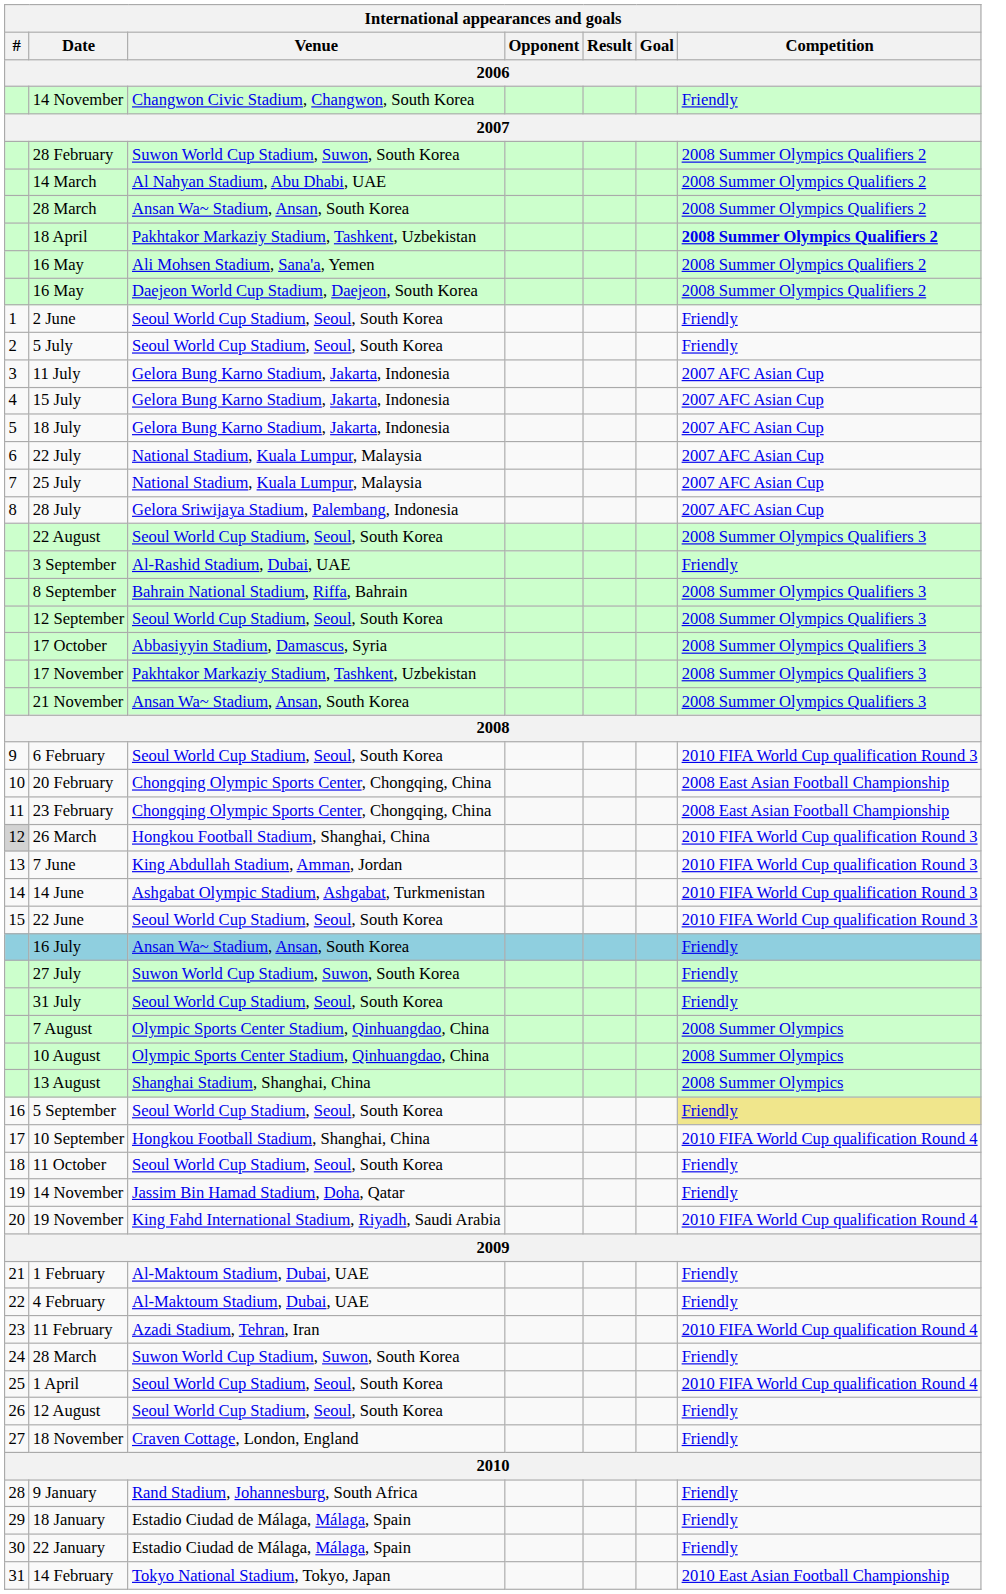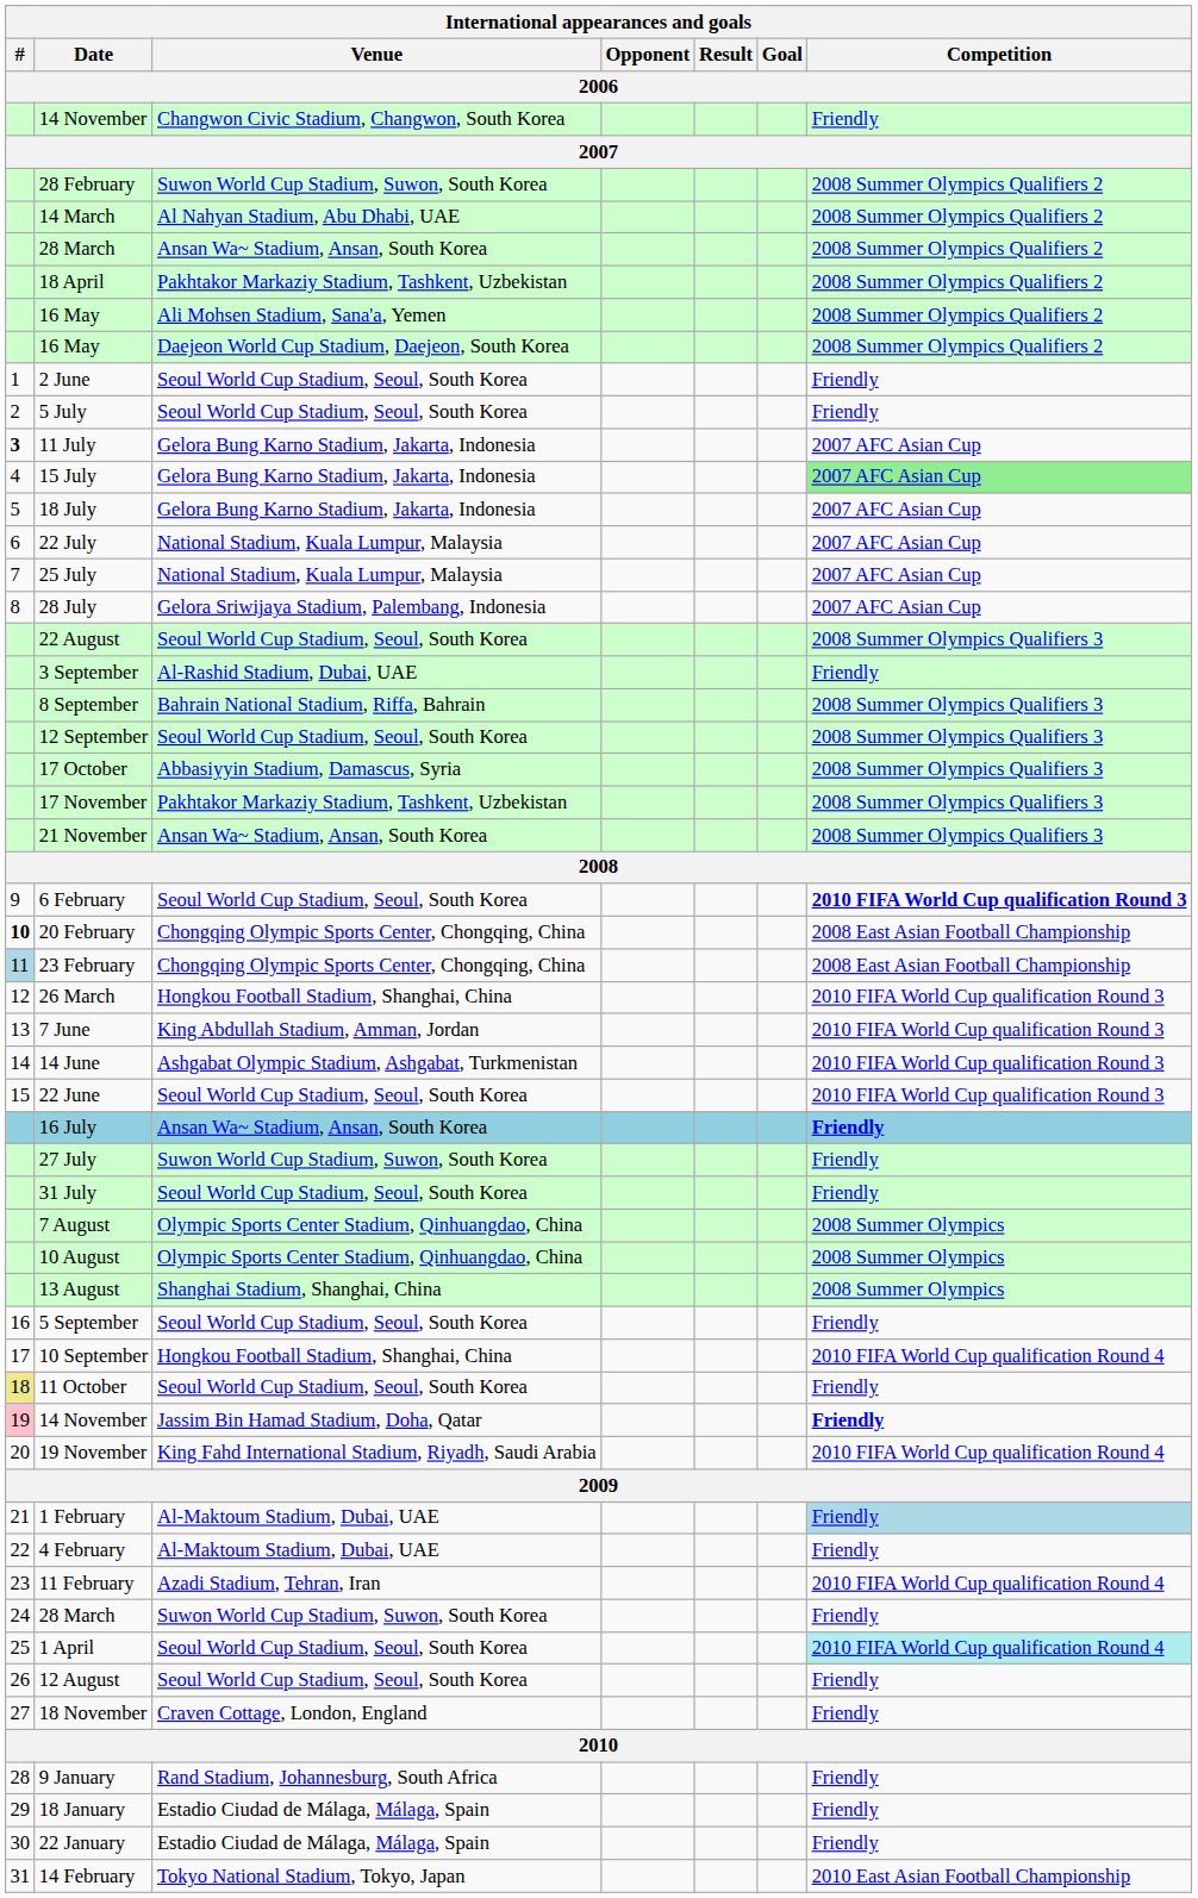 <table class="wikitable collapsible collapsed" style="font-size:90%">
 <tr>
 <th colspan="7">International appearances and goals</th>
 </tr>
 <tr>
 <th>#</th>
 <th>Date</th>
 <th>Venue</th>
 <th>Opponent</th>
 <th>Result</th>
 <th>Goal</th>
 <th>Competition</th>
 </tr>
 <tr>
 <th colspan="7">2006</th>
 </tr>
 <tr style="background:#ccffcc;">
 <td></td>
 <td>14 November</td>
 <td><a href='#'>Changwon Civic Stadium</a>, <a href='#'>Changwon</a>, South Korea</td>
 <td></td>
 <td></td>
 <td></td>
 <td><a href='#'>Friendly</a></td>
 </tr>
 <tr>
 <th colspan="7">2007</th>
 </tr>
 <tr style="background:#ccffcc;">
 <td></td>
 <td>28 February</td>
 <td><a href='#'>Suwon World Cup Stadium</a>, <a href='#'>Suwon</a>, South Korea</td>
 <td></td>
 <td></td>
 <td></td>
 <td><a href='#'>2008 Summer Olympics Qualifiers 2</a></td>
 </tr>
 <tr style="background:#ccffcc;">
 <td></td>
 <td>14 March</td>
 <td><a href='#'>Al Nahyan Stadium</a>, <a href='#'>Abu Dhabi</a>, UAE</td>
 <td></td>
 <td></td>
 <td></td>
 <td><a href='#'>2008 Summer Olympics Qualifiers 2</a></td>
 </tr>
 <tr style="background:#ccffcc;">
 <td></td>
 <td>28 March</td>
 <td><a href='#'>Ansan Wa~ Stadium</a>, <a href='#'>Ansan</a>, South Korea</td>
 <td></td>
 <td></td>
 <td></td>
 <td><a href='#'>2008 Summer Olympics Qualifiers 2</a></td>
 </tr>
 <tr style="background:#ccffcc;">
 <td></td>
 <td>18 April</td>
 <td><a href='#'>Pakhtakor Markaziy Stadium</a>, <a href='#'>Tashkent</a>, Uzbekistan</td>
 <td></td>
 <td></td>
 <td></td>
-<td><strong><a href='#'>2008 Summer Olympics Qualifiers 2</a></strong></td>
+<td><a href='#'>2008 Summer Olympics Qualifiers 2</a></td>
 </tr>
 <tr style="background:#ccffcc;">
 <td></td>
 <td>16 May</td>
 <td><a href='#'>Ali Mohsen Stadium</a>, <a href='#'>Sana'a</a>, Yemen</td>
 <td></td>
 <td></td>
 <td></td>
 <td><a href='#'>2008 Summer Olympics Qualifiers 2</a></td>
 </tr>
 <tr style="background:#ccffcc;">
 <td></td>
 <td>16 May</td>
 <td><a href='#'>Daejeon World Cup Stadium</a>, <a href='#'>Daejeon</a>, South Korea</td>
 <td></td>
 <td></td>
 <td></td>
 <td><a href='#'>2008 Summer Olympics Qualifiers 2</a></td>
 </tr>
 <tr>
 <td>1</td>
 <td>2 June</td>
 <td><a href='#'>Seoul World Cup Stadium</a>, <a href='#'>Seoul</a>, South Korea</td>
 <td></td>
 <td></td>
 <td></td>
 <td><a href='#'>Friendly</a></td>
 </tr>
 <tr>
 <td>2</td>
 <td>5 July</td>
 <td><a href='#'>Seoul World Cup Stadium</a>, <a href='#'>Seoul</a>, South Korea</td>
 <td></td>
 <td></td>
 <td></td>
 <td><a href='#'>Friendly</a></td>
 </tr>
 <tr>
-<td>3</td>
+<td><strong>3</strong></td>
 <td>11 July</td>
 <td><a href='#'>Gelora Bung Karno Stadium</a>, <a href='#'>Jakarta</a>, Indonesia</td>
 <td></td>
 <td></td>
 <td></td>
 <td><a href='#'>2007 AFC Asian Cup</a></td>
 </tr>
 <tr>
 <td>4</td>
 <td>15 July</td>
 <td><a href='#'>Gelora Bung Karno Stadium</a>, <a href='#'>Jakarta</a>, Indonesia</td>
 <td></td>
 <td></td>
 <td></td>
-<td><a href='#'>2007 AFC Asian Cup</a></td>
+<td style="background: lightgreen;"><a href='#'>2007 AFC Asian Cup</a></td>
 </tr>
 <tr>
 <td>5</td>
 <td>18 July</td>
 <td><a href='#'>Gelora Bung Karno Stadium</a>, <a href='#'>Jakarta</a>, Indonesia</td>
 <td></td>
 <td></td>
 <td></td>
 <td><a href='#'>2007 AFC Asian Cup</a></td>
 </tr>
 <tr>
 <td>6</td>
 <td>22 July</td>
 <td><a href='#'>National Stadium</a>, <a href='#'>Kuala Lumpur</a>, Malaysia</td>
 <td></td>
 <td></td>
 <td></td>
 <td><a href='#'>2007 AFC Asian Cup</a></td>
 </tr>
 <tr>
 <td>7</td>
 <td>25 July</td>
 <td><a href='#'>National Stadium</a>, <a href='#'>Kuala Lumpur</a>, Malaysia</td>
 <td></td>
 <td></td>
 <td></td>
 <td><a href='#'>2007 AFC Asian Cup</a></td>
 </tr>
 <tr>
 <td>8</td>
 <td>28 July</td>
 <td><a href='#'>Gelora Sriwijaya Stadium</a>, <a href='#'>Palembang</a>, Indonesia</td>
 <td></td>
 <td></td>
 <td></td>
 <td><a href='#'>2007 AFC Asian Cup</a></td>
 </tr>
 <tr style="background:#ccffcc;">
 <td></td>
 <td>22 August</td>
 <td><a href='#'>Seoul World Cup Stadium</a>, <a href='#'>Seoul</a>, South Korea</td>
 <td></td>
 <td></td>
 <td></td>
 <td><a href='#'>2008 Summer Olympics Qualifiers 3</a></td>
 </tr>
 <tr style="background:#ccffcc;">
 <td></td>
 <td>3 September</td>
 <td><a href='#'>Al-Rashid Stadium</a>, <a href='#'>Dubai</a>, UAE</td>
 <td></td>
 <td></td>
 <td></td>
 <td><a href='#'>Friendly</a></td>
 </tr>
 <tr style="background:#ccffcc;">
 <td></td>
 <td>8 September</td>
 <td><a href='#'>Bahrain National Stadium</a>, <a href='#'>Riffa</a>, Bahrain</td>
 <td></td>
 <td></td>
 <td></td>
 <td><a href='#'>2008 Summer Olympics Qualifiers 3</a></td>
 </tr>
 <tr style="background:#ccffcc;">
 <td></td>
 <td>12 September</td>
 <td><a href='#'>Seoul World Cup Stadium</a>, <a href='#'>Seoul</a>, South Korea</td>
 <td></td>
 <td></td>
 <td></td>
 <td><a href='#'>2008 Summer Olympics Qualifiers 3</a></td>
 </tr>
 <tr style="background:#ccffcc;">
 <td></td>
 <td>17 October</td>
 <td><a href='#'>Abbasiyyin Stadium</a>, <a href='#'>Damascus</a>, Syria</td>
 <td></td>
 <td></td>
 <td></td>
 <td><a href='#'>2008 Summer Olympics Qualifiers 3</a></td>
 </tr>
 <tr style="background:#ccffcc;">
 <td></td>
 <td>17 November</td>
 <td><a href='#'>Pakhtakor Markaziy Stadium</a>, <a href='#'>Tashkent</a>, Uzbekistan</td>
 <td></td>
 <td></td>
 <td></td>
 <td><a href='#'>2008 Summer Olympics Qualifiers 3</a></td>
 </tr>
 <tr style="background:#ccffcc;">
 <td></td>
 <td>21 November</td>
 <td><a href='#'>Ansan Wa~ Stadium</a>, <a href='#'>Ansan</a>, South Korea</td>
 <td></td>
 <td></td>
 <td></td>
 <td><a href='#'>2008 Summer Olympics Qualifiers 3</a></td>
 </tr>
 <tr>
 <th colspan="7">2008</th>
 </tr>
 <tr>
 <td>9</td>
 <td>6 February</td>
 <td><a href='#'>Seoul World Cup Stadium</a>, <a href='#'>Seoul</a>, South Korea</td>
 <td></td>
 <td></td>
 <td></td>
-<td><a href='#'>2010 FIFA World Cup qualification Round 3</a></td>
+<td><strong><a href='#'>2010 FIFA World Cup qualification Round 3</a></strong></td>
 </tr>
 <tr>
-<td>10</td>
+<td><strong>10</strong></td>
 <td>20 February</td>
 <td><a href='#'>Chongqing Olympic Sports Center</a>, Chongqing, China</td>
 <td></td>
 <td></td>
 <td></td>
 <td><a href='#'>2008 East Asian Football Championship</a></td>
 </tr>
 <tr>
-<td>11</td>
+<td style="background: lightblue;">11</td>
 <td>23 February</td>
 <td><a href='#'>Chongqing Olympic Sports Center</a>, Chongqing, China</td>
 <td></td>
 <td></td>
 <td></td>
 <td><a href='#'>2008 East Asian Football Championship</a></td>
 </tr>
 <tr>
-<td style="background: lightgrey;">12</td>
+<td>12</td>
 <td>26 March</td>
 <td><a href='#'>Hongkou Football Stadium</a>, Shanghai, China</td>
 <td></td>
 <td></td>
 <td></td>
 <td><a href='#'>2010 FIFA World Cup qualification Round 3</a></td>
 </tr>
 <tr>
 <td>13</td>
 <td>7 June</td>
 <td><a href='#'>King Abdullah Stadium</a>, <a href='#'>Amman</a>, Jordan</td>
 <td></td>
 <td></td>
 <td></td>
 <td><a href='#'>2010 FIFA World Cup qualification Round 3</a></td>
 </tr>
 <tr>
 <td>14</td>
 <td>14 June</td>
 <td><a href='#'>Ashgabat Olympic Stadium</a>, <a href='#'>Ashgabat</a>, Turkmenistan</td>
 <td></td>
 <td></td>
 <td></td>
 <td><a href='#'>2010 FIFA World Cup qualification Round 3</a></td>
 </tr>
 <tr>
 <td>15</td>
 <td>22 June</td>
 <td><a href='#'>Seoul World Cup Stadium</a>, <a href='#'>Seoul</a>, South Korea</td>
 <td></td>
 <td></td>
 <td></td>
 <td><a href='#'>2010 FIFA World Cup qualification Round 3</a></td>
 </tr>
 <tr style="background:#8fcfdf;">
 <td></td>
 <td>16 July</td>
 <td><a href='#'>Ansan Wa~ Stadium</a>, <a href='#'>Ansan</a>, South Korea</td>
 <td></td>
 <td></td>
 <td></td>
-<td><a href='#'>Friendly</a></td>
+<td><strong><a href='#'>Friendly</a></strong></td>
 </tr>
 <tr style="background:#ccffcc;">
 <td></td>
 <td>27 July</td>
 <td><a href='#'>Suwon World Cup Stadium</a>, <a href='#'>Suwon</a>, South Korea</td>
 <td></td>
 <td></td>
 <td></td>
 <td><a href='#'>Friendly</a></td>
 </tr>
 <tr style="background:#ccffcc;">
 <td></td>
 <td>31 July</td>
 <td><a href='#'>Seoul World Cup Stadium</a>, <a href='#'>Seoul</a>, South Korea</td>
 <td></td>
 <td></td>
 <td></td>
 <td><a href='#'>Friendly</a></td>
 </tr>
 <tr style="background:#ccffcc;">
 <td></td>
 <td>7 August</td>
 <td><a href='#'>Olympic Sports Center Stadium</a>, <a href='#'>Qinhuangdao</a>, China</td>
 <td></td>
 <td></td>
 <td></td>
 <td><a href='#'>2008 Summer Olympics</a></td>
 </tr>
 <tr style="background:#ccffcc;">
 <td></td>
 <td>10 August</td>
 <td><a href='#'>Olympic Sports Center Stadium</a>, <a href='#'>Qinhuangdao</a>, China</td>
 <td></td>
 <td></td>
 <td></td>
 <td><a href='#'>2008 Summer Olympics</a></td>
 </tr>
 <tr style="background:#ccffcc;">
 <td></td>
 <td>13 August</td>
 <td><a href='#'>Shanghai Stadium</a>, Shanghai, China</td>
 <td></td>
 <td></td>
 <td></td>
 <td><a href='#'>2008 Summer Olympics</a></td>
 </tr>
 <tr>
 <td>16</td>
 <td>5 September</td>
 <td><a href='#'>Seoul World Cup Stadium</a>, <a href='#'>Seoul</a>, South Korea</td>
 <td></td>
 <td></td>
 <td></td>
-<td style="background: khaki;"><a href='#'>Friendly</a></td>
+<td><a href='#'>Friendly</a></td>
 </tr>
 <tr>
 <td>17</td>
 <td>10 September</td>
 <td><a href='#'>Hongkou Football Stadium</a>, Shanghai, China</td>
 <td></td>
 <td></td>
 <td></td>
 <td><a href='#'>2010 FIFA World Cup qualification Round 4</a></td>
 </tr>
 <tr>
-<td>18</td>
+<td style="background: khaki;">18</td>
 <td>11 October</td>
 <td><a href='#'>Seoul World Cup Stadium</a>, <a href='#'>Seoul</a>, South Korea</td>
 <td></td>
 <td></td>
 <td></td>
 <td><a href='#'>Friendly</a></td>
 </tr>
 <tr>
-<td>19</td>
+<td style="background: pink;">19</td>
 <td>14 November</td>
 <td><a href='#'>Jassim Bin Hamad Stadium</a>, <a href='#'>Doha</a>, Qatar</td>
 <td></td>
 <td></td>
 <td></td>
-<td><a href='#'>Friendly</a></td>
+<td><strong><a href='#'>Friendly</a></strong></td>
 </tr>
 <tr>
 <td>20</td>
 <td>19 November</td>
 <td><a href='#'>King Fahd International Stadium</a>, <a href='#'>Riyadh</a>, Saudi Arabia</td>
 <td></td>
 <td></td>
 <td></td>
 <td><a href='#'>2010 FIFA World Cup qualification Round 4</a></td>
 </tr>
 <tr>
 <th colspan="7">2009</th>
 </tr>
 <tr>
 <td>21</td>
 <td>1 February</td>
 <td><a href='#'>Al-Maktoum Stadium</a>, <a href='#'>Dubai</a>, UAE</td>
 <td></td>
 <td></td>
 <td></td>
-<td><a href='#'>Friendly</a></td>
+<td style="background: lightblue;"><a href='#'>Friendly</a></td>
 </tr>
 <tr>
 <td>22</td>
 <td>4 February</td>
 <td><a href='#'>Al-Maktoum Stadium</a>, <a href='#'>Dubai</a>, UAE</td>
 <td></td>
 <td></td>
 <td></td>
 <td><a href='#'>Friendly</a></td>
 </tr>
 <tr>
 <td>23</td>
 <td>11 February</td>
 <td><a href='#'>Azadi Stadium</a>, <a href='#'>Tehran</a>, Iran</td>
 <td></td>
 <td></td>
 <td></td>
 <td><a href='#'>2010 FIFA World Cup qualification Round 4</a></td>
 </tr>
 <tr>
 <td>24</td>
 <td>28 March</td>
 <td><a href='#'>Suwon World Cup Stadium</a>, <a href='#'>Suwon</a>, South Korea</td>
 <td></td>
 <td></td>
 <td></td>
 <td><a href='#'>Friendly</a></td>
 </tr>
 <tr>
 <td>25</td>
 <td>1 April</td>
 <td><a href='#'>Seoul World Cup Stadium</a>, <a href='#'>Seoul</a>, South Korea</td>
 <td></td>
 <td></td>
 <td></td>
-<td><a href='#'>2010 FIFA World Cup qualification Round 4</a></td>
+<td style="background: paleturquoise;"><a href='#'>2010 FIFA World Cup qualification Round 4</a></td>
 </tr>
 <tr>
 <td>26</td>
 <td>12 August</td>
 <td><a href='#'>Seoul World Cup Stadium</a>, <a href='#'>Seoul</a>, South Korea</td>
 <td></td>
 <td></td>
 <td></td>
 <td><a href='#'>Friendly</a></td>
 </tr>
 <tr>
 <td>27</td>
 <td>18 November</td>
 <td><a href='#'>Craven Cottage</a>, London, England</td>
 <td></td>
 <td></td>
 <td></td>
 <td><a href='#'>Friendly</a></td>
 </tr>
 <tr>
 <th colspan="7">2010</th>
 </tr>
 <tr>
 <td>28</td>
 <td>9 January</td>
 <td><a href='#'>Rand Stadium</a>, <a href='#'>Johannesburg</a>, South Africa</td>
 <td></td>
 <td></td>
 <td></td>
 <td><a href='#'>Friendly</a></td>
 </tr>
 <tr>
 <td>29</td>
 <td>18 January</td>
 <td>Estadio Ciudad de Málaga, <a href='#'>Málaga</a>, Spain</td>
 <td></td>
 <td></td>
 <td></td>
 <td><a href='#'>Friendly</a></td>
 </tr>
 <tr>
 <td>30</td>
 <td>22 January</td>
 <td>Estadio Ciudad de Málaga, <a href='#'>Málaga</a>, Spain</td>
 <td></td>
 <td></td>
 <td></td>
 <td><a href='#'>Friendly</a></td>
 </tr>
 <tr>
 <td>31</td>
 <td>14 February</td>
 <td><a href='#'>Tokyo National Stadium</a>, Tokyo, Japan</td>
 <td></td>
 <td></td>
 <td></td>
 <td><a href='#'>2010 East Asian Football Championship</a></td>
 </tr>
 </table>
